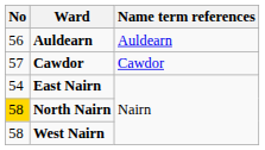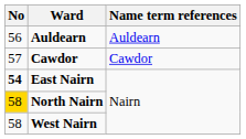 <table class="wikitable">
 <tr>
 <th>No</th>
 <th>Ward</th>
 <th>Name term references</th>
 </tr>
 <tr>
 <td>56</td>
 <td><strong>Auldearn</strong></td>
 <td><a href='#'>Auldearn</a></td>
 </tr>
 <tr>
 <td>57</td>
 <td><strong>Cawdor</strong></td>
 <td><a href='#'>Cawdor</a></td>
 </tr>
 <tr>
-<td>54</td>
+<td><strong>54</strong></td>
 <td><strong>East Nairn</strong></td>
 <td rowspan=3>Nairn</td>
 </tr>
 <tr>
 <td style="background: gold;">58</td>
 <td><strong>North Nairn</strong></td>
 </tr>
 <tr>
 <td>58</td>
 <td><strong>West Nairn</strong></td>
 </tr>
 </table>
